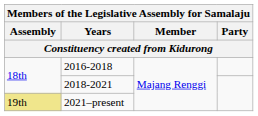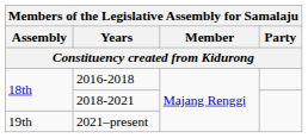 <table class=wikitable>
 <tr>
 <th colspan="4">Members of the Legislative Assembly for Samalaju</th>
 </tr>
 <tr>
 <th>Assembly</th>
 <th>Years</th>
 <th>Member</th>
 <th>Party</th>
 </tr>
 <tr>
 <th colspan=4 align=center><em>Constituency created from Kidurong</em></th>
 </tr>
 <tr>
 <td rowspan="2"><a href='#'>18th</a></td>
 <td>2016-2018</td>
 <td rowspan="3"><a href='#'>Majang Renggi</a></td>
 <td></td>
 </tr>
 <tr>
 <td>2018-2021</td>
 <td rowspan="2"></td>
 </tr>
 <tr>
-<td style="background: khaki;">19th</td>
+<td>19th</td>
 <td>2021–present</td>
 </tr>
 </table>
